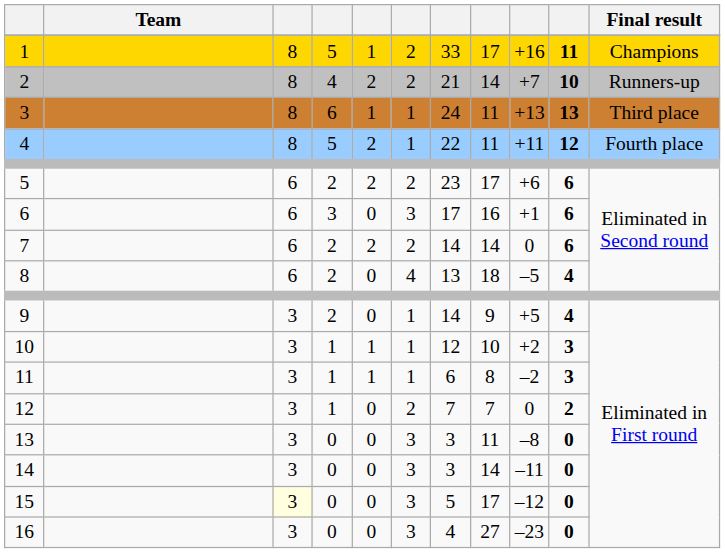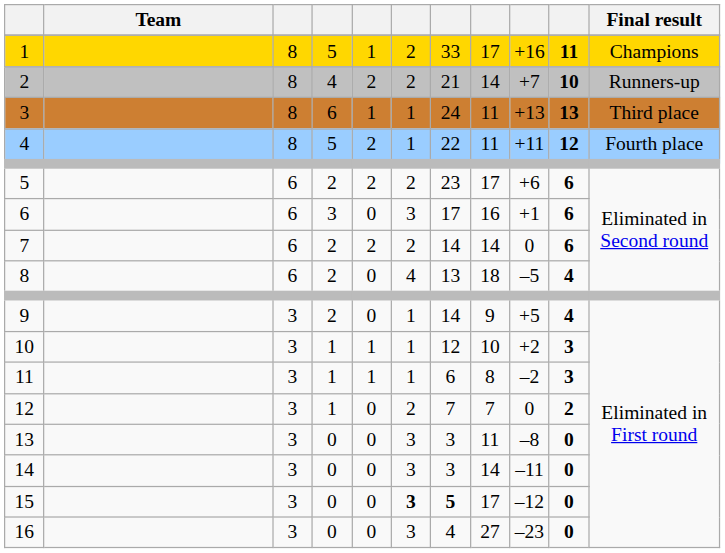 <table class=wikitable style="text-align:center">
 <tr>
 <th width="25"></th>
 <th width="180">Team</th>
 <th width="25"></th>
 <th width="25"></th>
 <th width="25"></th>
 <th width="25"></th>
 <th width="25"></th>
 <th width="25"></th>
 <th width="25"></th>
 <th width="25"></th>
 <th width="100">Final result</th>
 </tr>
 <tr>
 </tr>
 <tr style="background: #FFD700;">
 <td>1</td>
 <td align=left></td>
 <td>8</td>
 <td>5</td>
 <td>1</td>
 <td>2</td>
 <td>33</td>
 <td>17</td>
 <td>+16</td>
 <td><strong>11</strong></td>
 <td>Champions</td>
 </tr>
 <tr style="background: #C0C0C0;">
 <td>2</td>
 <td align=left></td>
 <td>8</td>
 <td>4</td>
 <td>2</td>
 <td>2</td>
 <td>21</td>
 <td>14</td>
 <td>+7</td>
 <td><strong>10</strong></td>
 <td>Runners-up</td>
 </tr>
 <tr style="background: #CD7F32;">
 <td>3</td>
 <td align=left></td>
 <td>8</td>
 <td>6</td>
 <td>1</td>
 <td>1</td>
 <td>24</td>
 <td>11</td>
 <td>+13</td>
 <td><strong>13</strong></td>
 <td>Third place</td>
 </tr>
 <tr bgcolor=#9acdff>
 <td>4</td>
 <td align=left></td>
 <td>8</td>
 <td>5</td>
 <td>2</td>
 <td>1</td>
 <td>22</td>
 <td>11</td>
 <td>+11</td>
 <td><strong>12</strong></td>
 <td>Fourth place</td>
 </tr>
 <tr style="border-top:8px solid #BBBBBB;">
 <td>5</td>
 <td align=left></td>
 <td>6</td>
 <td>2</td>
 <td>2</td>
 <td>2</td>
 <td>23</td>
 <td>17</td>
 <td>+6</td>
 <td><strong>6</strong></td>
 <td rowspan=4>Eliminated in <a href='#'>Second round</a></td>
 </tr>
 <tr>
 <td>6</td>
 <td align=left></td>
 <td>6</td>
 <td>3</td>
 <td>0</td>
 <td>3</td>
 <td>17</td>
 <td>16</td>
 <td>+1</td>
 <td><strong>6</strong></td>
 </tr>
 <tr>
 <td>7</td>
 <td align=left></td>
 <td>6</td>
 <td>2</td>
 <td>2</td>
 <td>2</td>
 <td>14</td>
 <td>14</td>
 <td>0</td>
 <td><strong>6</strong></td>
 </tr>
 <tr>
 <td>8</td>
 <td align=left></td>
 <td>6</td>
 <td>2</td>
 <td>0</td>
 <td>4</td>
 <td>13</td>
 <td>18</td>
 <td>–5</td>
 <td><strong>4</strong></td>
 </tr>
 <tr style="border-top:8px solid #BBBBBB;">
 <td>9</td>
 <td align=left></td>
 <td>3</td>
 <td>2</td>
 <td>0</td>
 <td>1</td>
 <td>14</td>
 <td>9</td>
 <td>+5</td>
 <td><strong>4</strong></td>
 <td rowspan=8>Eliminated in <a href='#'>First round</a></td>
 </tr>
 <tr>
 <td>10</td>
 <td align=left></td>
 <td>3</td>
 <td>1</td>
 <td>1</td>
 <td>1</td>
 <td>12</td>
 <td>10</td>
 <td>+2</td>
 <td><strong>3</strong></td>
 </tr>
 <tr>
 <td>11</td>
 <td align=left></td>
 <td>3</td>
 <td>1</td>
 <td>1</td>
 <td>1</td>
 <td>6</td>
 <td>8</td>
 <td>–2</td>
 <td><strong>3</strong></td>
 </tr>
 <tr>
 <td>12</td>
 <td align=left></td>
 <td>3</td>
 <td>1</td>
 <td>0</td>
 <td>2</td>
 <td>7</td>
 <td>7</td>
 <td>0</td>
 <td><strong>2</strong></td>
 </tr>
 <tr>
 <td>13</td>
 <td align=left></td>
 <td>3</td>
 <td>0</td>
 <td>0</td>
 <td>3</td>
 <td>3</td>
 <td>11</td>
 <td>–8</td>
 <td><strong>0</strong></td>
 </tr>
 <tr>
 <td>14</td>
 <td align=left></td>
 <td>3</td>
 <td>0</td>
 <td>0</td>
 <td>3</td>
 <td>3</td>
 <td>14</td>
 <td>–11</td>
 <td><strong>0</strong></td>
 </tr>
 <tr>
 <td>15</td>
 <td align=left></td>
-<td style="background: lightyellow;">3</td>
+<td>3</td>
 <td>0</td>
 <td>0</td>
-<td>3</td>
-<td>5</td>
+<td><strong>3</strong></td>
+<td><strong>5</strong></td>
 <td>17</td>
 <td>–12</td>
 <td><strong>0</strong></td>
 </tr>
 <tr>
 <td>16</td>
 <td align=left></td>
 <td>3</td>
 <td>0</td>
 <td>0</td>
 <td>3</td>
 <td>4</td>
 <td>27</td>
 <td>–23</td>
 <td><strong>0</strong></td>
 </tr>
 </table>
